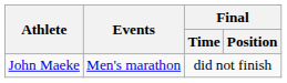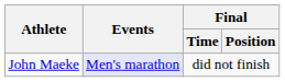 <table class=wikitable style="font-size:90%">
 <tr>
 <th rowspan="2">Athlete</th>
 <th rowspan="2">Events</th>
 <th colspan="2">Final</th>
 </tr>
 <tr>
 <th>Time</th>
 <th>Position</th>
 </tr>
 <tr>
 <td><a href='#'>John Maeke</a></td>
-<td><a href='#'>Men's marathon</a></td>
+<td style="background: lavender;"><a href='#'>Men's marathon</a></td>
 <td align=center colspan=2>did not finish</td>
 </tr>
 </table>
